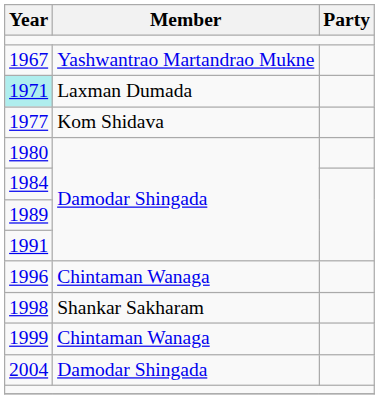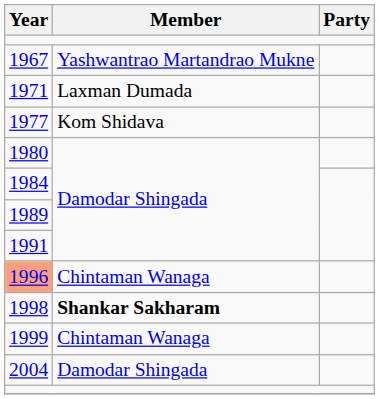 <table class="wikitable sortable">
 <tr>
 <th>Year</th>
 <th>Member</th>
 <th colspan="2">Party</th>
 </tr>
 <tr>
 <td colspan="4"></td>
 </tr>
 <tr>
 <td><a href='#'>1967</a></td>
 <td><a href='#'>Yashwantrao Martandrao Mukne</a></td>
 <td></td>
 </tr>
 <tr>
-<td style="background: paleturquoise;"><a href='#'>1971</a></td>
+<td><a href='#'>1971</a></td>
 <td>Laxman Dumada</td>
 </tr>
 <tr>
 <td><a href='#'>1977</a></td>
 <td>Kom Shidava</td>
 <td></td>
 </tr>
 <tr>
 <td><a href='#'>1980</a></td>
 <td rowspan="4"><a href='#'>Damodar Shingada</a></td>
 <td></td>
 </tr>
 <tr>
 <td><a href='#'>1984</a></td>
 </tr>
 <tr>
 <td><a href='#'>1989</a></td>
 </tr>
 <tr>
 <td><a href='#'>1991</a></td>
 </tr>
 <tr>
-<td><a href='#'>1996</a></td>
+<td style="background: lightsalmon;"><a href='#'>1996</a></td>
 <td><a href='#'>Chintaman Wanaga</a></td>
 <td></td>
 </tr>
 <tr>
 <td><a href='#'>1998</a></td>
-<td>Shankar Sakharam</td>
+<td><strong>Shankar Sakharam</strong></td>
 <td></td>
 </tr>
 <tr>
 <td><a href='#'>1999</a></td>
 <td><a href='#'>Chintaman Wanaga</a></td>
 <td></td>
 </tr>
 <tr>
 <td><a href='#'>2004</a></td>
 <td><a href='#'>Damodar Shingada</a></td>
 <td></td>
 </tr>
 <tr>
 <td colspan="4"></td>
 </tr>
 <tr>
 </tr>
 </table>
